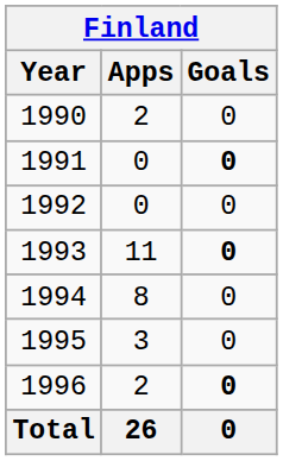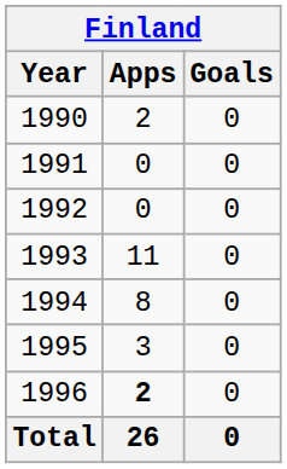 <table class=wikitable style=text-align:center>
 <tr>
 <th colspan=4><a href='#'>Finland</a></th>
 </tr>
 <tr>
 <th>Year</th>
 <th>Apps</th>
 <th>Goals</th>
 </tr>
 <tr>
 <td>1990</td>
 <td>2</td>
 <td>0</td>
 </tr>
 <tr>
 <td>1991</td>
 <td>0</td>
-<td><strong>0</strong></td>
+<td>0</td>
 </tr>
 <tr>
 <td>1992</td>
 <td>0</td>
 <td>0</td>
 </tr>
 <tr>
 <td>1993</td>
 <td>11</td>
-<td><strong>0</strong></td>
+<td>0</td>
 </tr>
 <tr>
 <td>1994</td>
 <td>8</td>
 <td>0</td>
 </tr>
 <tr>
 <td>1995</td>
 <td>3</td>
 <td>0</td>
 </tr>
 <tr>
 <td>1996</td>
-<td>2</td>
-<td><strong>0</strong></td>
+<td><strong>2</strong></td>
+<td>0</td>
 </tr>
 <tr>
 <th colspan=1>Total</th>
 <th>26</th>
 <th>0</th>
 </tr>
 </table>
